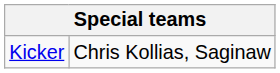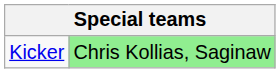 <table class="wikitable">
 <tr>
 <th colspan="6">Special teams</th>
 </tr>
 <tr>
 <td><a href='#'>Kicker</a></td>
-<td>Chris Kollias, Saginaw</td>
+<td style="background: lightgreen;">Chris Kollias, Saginaw</td>
 </tr>
 </table>
